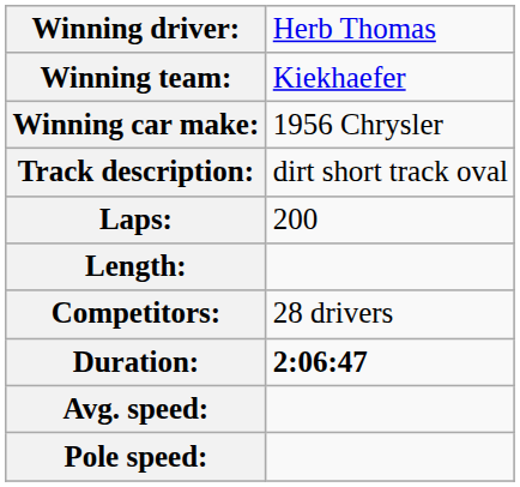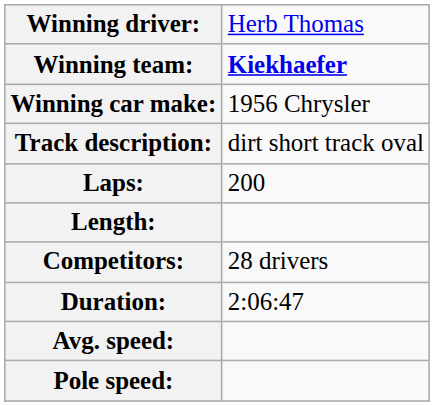 <table class="wikitable" style=text-align:left>
 <tr>
 <th>Winning driver:</th>
 <td><a href='#'>Herb Thomas</a></td>
 </tr>
 <tr>
 <th>Winning team:</th>
-<td><a href='#'>Kiekhaefer</a></td>
+<td><strong><a href='#'>Kiekhaefer</a></strong></td>
 </tr>
 <tr>
 <th>Winning car make:</th>
 <td>1956 Chrysler</td>
 </tr>
 <tr>
 <th>Track description:</th>
 <td> dirt short track oval</td>
 </tr>
 <tr>
 <th>Laps:</th>
 <td>200</td>
 </tr>
 <tr>
 <th>Length:</th>
 <td></td>
 </tr>
 <tr>
 <th>Competitors:</th>
 <td>28 drivers</td>
 </tr>
 <tr>
 <th>Duration:</th>
-<td><strong>2:06:47</strong></td>
+<td>2:06:47</td>
 </tr>
 <tr>
 <th>Avg. speed:</th>
 <td></td>
 </tr>
 <tr>
 <th>Pole speed:</th>
 <td></td>
 </tr>
 </table>
